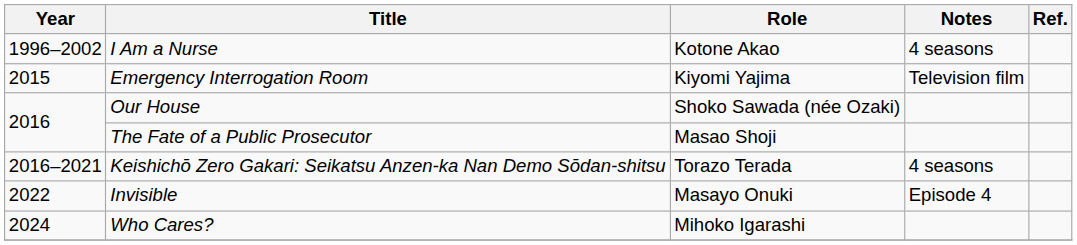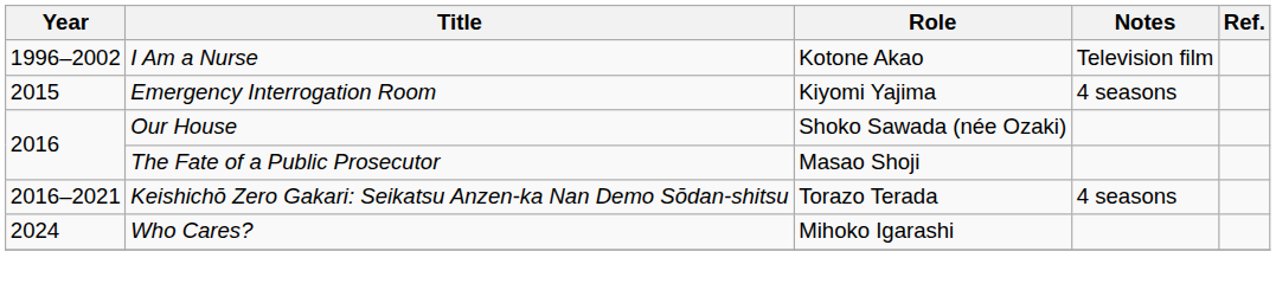 <table class="wikitable">
 <tr>
 <th>Year</th>
 <th>Title</th>
 <th>Role</th>
 <th>Notes</th>
 <th>Ref.</th>
 </tr>
 <tr>
 <td>1996–2002</td>
 <td><em>I Am a Nurse</em></td>
 <td>Kotone Akao</td>
-<td>4 seasons</td>
+<td>Television film</td>
 <td></td>
 </tr>
 <tr>
 <td>2015</td>
 <td><em>Emergency Interrogation Room</em></td>
 <td>Kiyomi Yajima</td>
-<td>Television film</td>
+<td>4 seasons</td>
 <td></td>
 </tr>
 <tr>
 <td rowspan=2>2016</td>
 <td><em>Our House</em></td>
 <td>Shoko Sawada (née Ozaki)</td>
 <td></td>
 <td></td>
 </tr>
 <tr>
 <td><em>The Fate of a Public Prosecutor</em></td>
 <td>Masao Shoji</td>
 <td></td>
 <td></td>
 </tr>
 <tr>
 <td>2016–2021</td>
 <td><em>Keishichō Zero Gakari: Seikatsu Anzen-ka Nan Demo Sōdan-shitsu</em></td>
 <td>Torazo Terada</td>
 <td>4 seasons</td>
 <td></td>
 </tr>
 <tr>
-<td>2022</td>
-<td><em>Invisible</em></td>
-<td>Masayo Onuki</td>
-<td>Episode 4</td>
-<td></td>
-</tr>
-<tr>
 <td>2024</td>
 <td><em>Who Cares?</em></td>
 <td>Mihoko Igarashi</td>
 <td></td>
 <td></td>
 </tr>
 <tr>
 </tr>
 </table>
